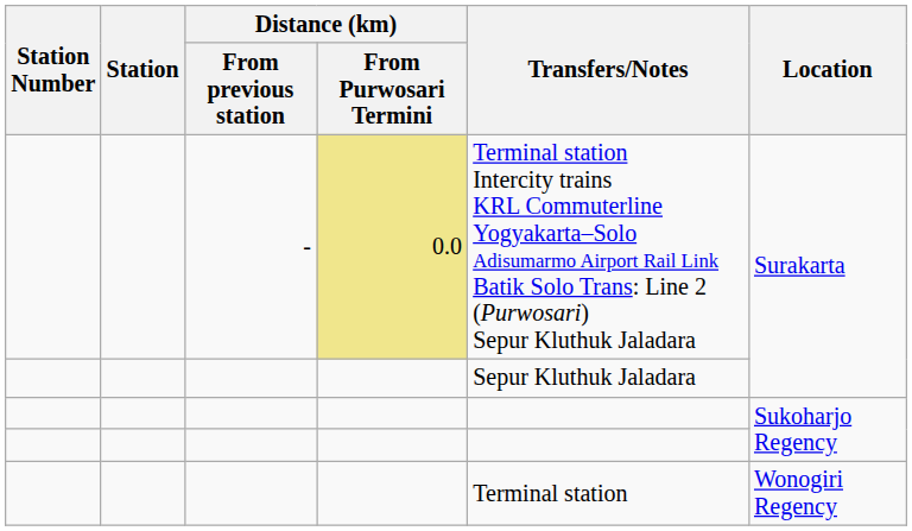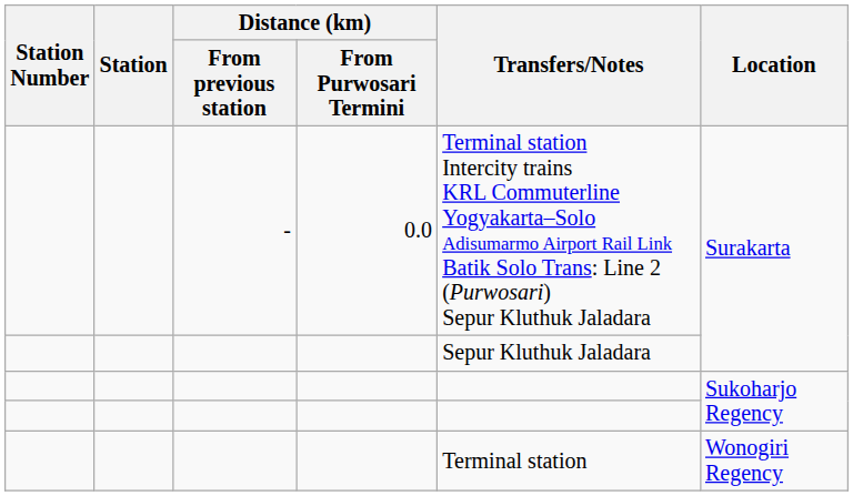 <table rules="all" class="wikitable">
 <tr>
 <th rowspan="2">Station<br>Number</th>
 <th rowspan="2">Station</th>
 <th colspan="2">Distance (km)</th>
 <th rowspan="2">Transfers/Notes</th>
 <th rowspan="2">Location</th>
 </tr>
 <tr>
 <th>From previous<br>station</th>
 <th>From Purwosari<br>Termini</th>
 </tr>
 <tr>
 <td><br><br></td>
 <td></td>
 <td style="text-align: right;">-</td>
-<td style="background: khaki; text-align: right;">0.0</td>
+<td style="text-align: right;">0.0</td>
 <td><a href='#'>Terminal station</a><br> Intercity trains<br> <a href='#'>KRL Commuterline Yogyakarta–Solo</a><br><small> <a href='#'>Adisumarmo Airport Rail Link</a></small><br> <a href='#'>Batik Solo Trans</a>: Line 2 (<em>Purwosari</em>)<br> Sepur Kluthuk Jaladara</td>
 <td rowspan="2"><a href='#'>Surakarta</a></td>
 </tr>
 <tr>
 <td></td>
 <td></td>
 <td style="text-align: right;"></td>
 <td style="text-align: right;"></td>
 <td> Sepur Kluthuk Jaladara</td>
 </tr>
 <tr>
 <td></td>
 <td></td>
 <td style="text-align: right;"></td>
 <td style="text-align: right;"></td>
 <td></td>
 <td rowspan="2"><a href='#'>Sukoharjo Regency</a></td>
 </tr>
 <tr>
 <td></td>
 <td></td>
 <td style="text-align: right;"></td>
 <td style="text-align: right;"></td>
 <td></td>
 </tr>
 <tr>
 <td></td>
 <td></td>
 <td style="text-align: right;"></td>
 <td style="text-align: right;"></td>
 <td>Terminal station</td>
 <td><a href='#'>Wonogiri Regency</a></td>
 </tr>
 </table>
